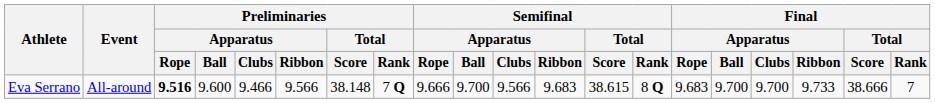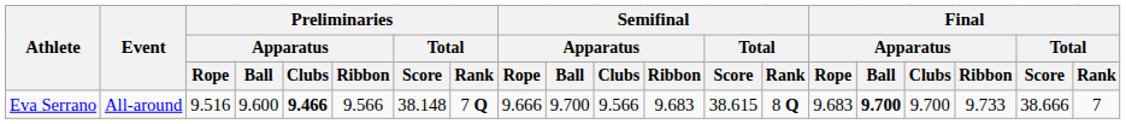 <table class=wikitable style=font-size:90%;text-align:center>
 <tr>
 <th rowspan=3>Athlete</th>
 <th rowspan=3>Event</th>
 <th colspan=6>Preliminaries</th>
 <th colspan=6>Semifinal</th>
 <th colspan=6>Final</th>
 </tr>
 <tr style=font-size:95%>
 <th colspan=4>Apparatus</th>
 <th colspan=2>Total</th>
 <th colspan=4>Apparatus</th>
 <th colspan=2>Total</th>
 <th colspan=4>Apparatus</th>
 <th colspan=2>Total</th>
 </tr>
 <tr style=font-size:95%>
 <th>Rope</th>
 <th>Ball</th>
 <th>Clubs</th>
 <th>Ribbon</th>
 <th>Score</th>
 <th>Rank</th>
 <th>Rope</th>
 <th>Ball</th>
 <th>Clubs</th>
 <th>Ribbon</th>
 <th>Score</th>
 <th>Rank</th>
 <th>Rope</th>
 <th>Ball</th>
 <th>Clubs</th>
 <th>Ribbon</th>
 <th>Score</th>
 <th>Rank</th>
 </tr>
 <tr>
 <td align=left><a href='#'>Eva Serrano</a></td>
 <td align=left><a href='#'>All-around</a></td>
-<td><strong>9.516</strong></td>
+<td>9.516</td>
 <td>9.600</td>
-<td>9.466</td>
+<td><strong>9.466</strong></td>
 <td>9.566</td>
 <td>38.148</td>
 <td>7 <strong>Q</strong></td>
 <td>9.666</td>
 <td>9.700</td>
 <td>9.566</td>
 <td>9.683</td>
 <td>38.615</td>
 <td>8 <strong>Q</strong></td>
 <td>9.683</td>
-<td>9.700</td>
+<td><strong>9.700</strong></td>
 <td>9.700</td>
 <td>9.733</td>
 <td>38.666</td>
 <td>7</td>
 </tr>
 </table>
